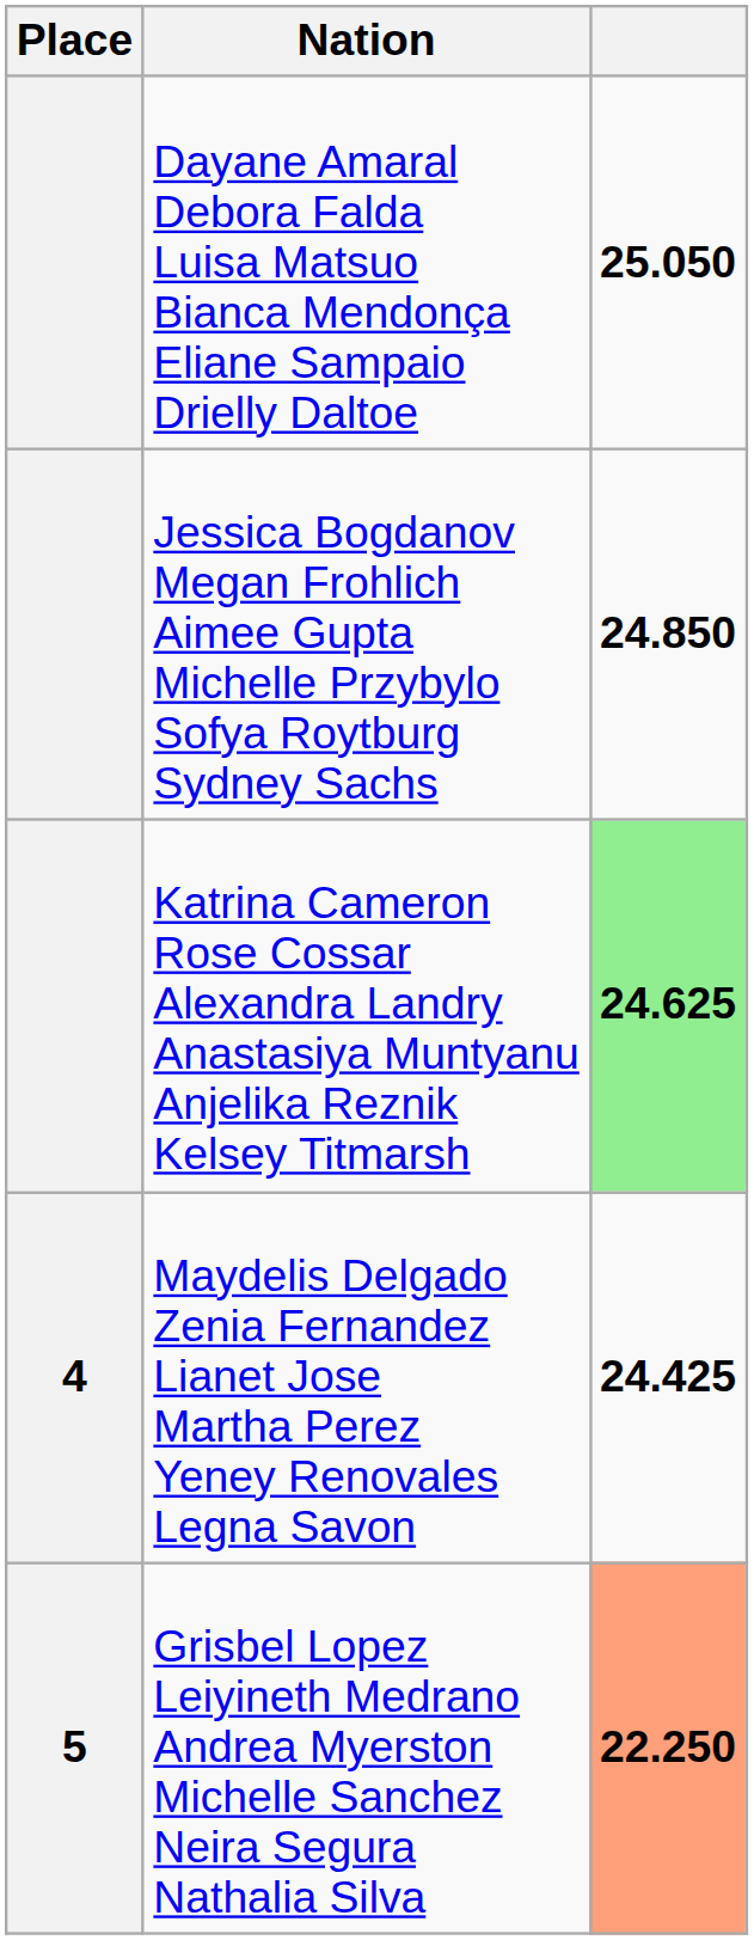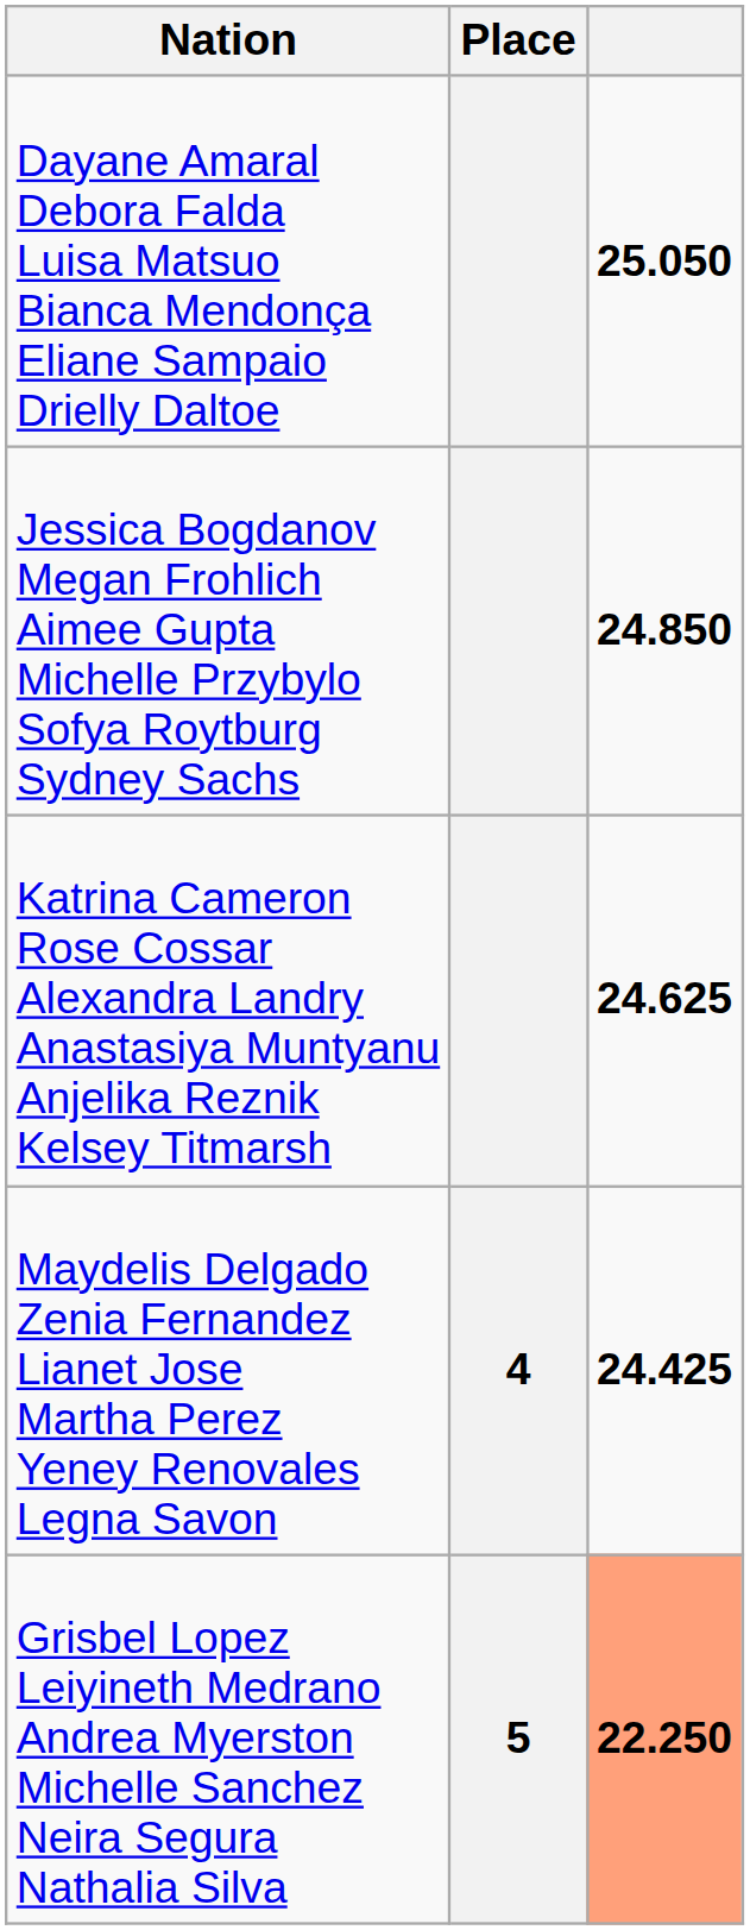 <table class="wikitable sortable" style="text-align:center">
 <tr>
+<th scope=col>Nation</th>
 <th scope=col>Place</th>
-<th scope=col>Nation</th>
 <th scope=col></th>
 </tr>
 <tr>
+<td align=left><br><a href='#'>Dayane Amaral</a><br><a href='#'>Debora Falda</a><br><a href='#'>Luisa Matsuo</a><br><a href='#'>Bianca Mendonça</a><br><a href='#'>Eliane Sampaio</a><br><a href='#'>Drielly Daltoe</a></td>
 <th scope=row></th>
-<td align=left><br><a href='#'>Dayane Amaral</a><br><a href='#'>Debora Falda</a><br><a href='#'>Luisa Matsuo</a><br><a href='#'>Bianca Mendonça</a><br><a href='#'>Eliane Sampaio</a><br><a href='#'>Drielly Daltoe</a></td>
 <td><strong>25.050</strong></td>
 </tr>
 <tr>
+<td align=left><br><a href='#'>Jessica Bogdanov</a><br><a href='#'>Megan Frohlich</a><br><a href='#'>Aimee Gupta</a><br><a href='#'>Michelle Przybylo</a><br><a href='#'>Sofya Roytburg</a><br><a href='#'>Sydney Sachs</a></td>
 <th scope=row></th>
-<td align=left><br><a href='#'>Jessica Bogdanov</a><br><a href='#'>Megan Frohlich</a><br><a href='#'>Aimee Gupta</a><br><a href='#'>Michelle Przybylo</a><br><a href='#'>Sofya Roytburg</a><br><a href='#'>Sydney Sachs</a></td>
 <td><strong>24.850</strong></td>
 </tr>
 <tr>
+<td align=left><br><a href='#'>Katrina Cameron</a><br><a href='#'>Rose Cossar</a><br><a href='#'>Alexandra Landry</a><br><a href='#'>Anastasiya Muntyanu</a><br><a href='#'>Anjelika Reznik</a><br><a href='#'>Kelsey Titmarsh</a></td>
 <th scope=row></th>
-<td align=left><br><a href='#'>Katrina Cameron</a><br><a href='#'>Rose Cossar</a><br><a href='#'>Alexandra Landry</a><br><a href='#'>Anastasiya Muntyanu</a><br><a href='#'>Anjelika Reznik</a><br><a href='#'>Kelsey Titmarsh</a></td>
-<td style="background: lightgreen;"><strong>24.625</strong></td>
+<td><strong>24.625</strong></td>
 </tr>
 <tr>
+<td align=left><br><a href='#'>Maydelis Delgado</a><br><a href='#'>Zenia Fernandez</a><br><a href='#'>Lianet Jose</a><br><a href='#'>Martha Perez</a><br><a href='#'>Yeney Renovales</a><br><a href='#'>Legna Savon</a></td>
 <th scope=row>4</th>
-<td align=left><br><a href='#'>Maydelis Delgado</a><br><a href='#'>Zenia Fernandez</a><br><a href='#'>Lianet Jose</a><br><a href='#'>Martha Perez</a><br><a href='#'>Yeney Renovales</a><br><a href='#'>Legna Savon</a></td>
 <td><strong>24.425</strong></td>
 </tr>
 <tr>
+<td align=left><br><a href='#'>Grisbel Lopez</a><br><a href='#'>Leiyineth Medrano</a><br><a href='#'>Andrea Myerston</a><br><a href='#'>Michelle Sanchez</a><br><a href='#'>Neira Segura</a><br><a href='#'>Nathalia Silva</a></td>
 <th scope=row>5</th>
-<td align=left><br><a href='#'>Grisbel Lopez</a><br><a href='#'>Leiyineth Medrano</a><br><a href='#'>Andrea Myerston</a><br><a href='#'>Michelle Sanchez</a><br><a href='#'>Neira Segura</a><br><a href='#'>Nathalia Silva</a></td>
 <td style="background: lightsalmon;"><strong>22.250</strong></td>
 </tr>
 </table>
